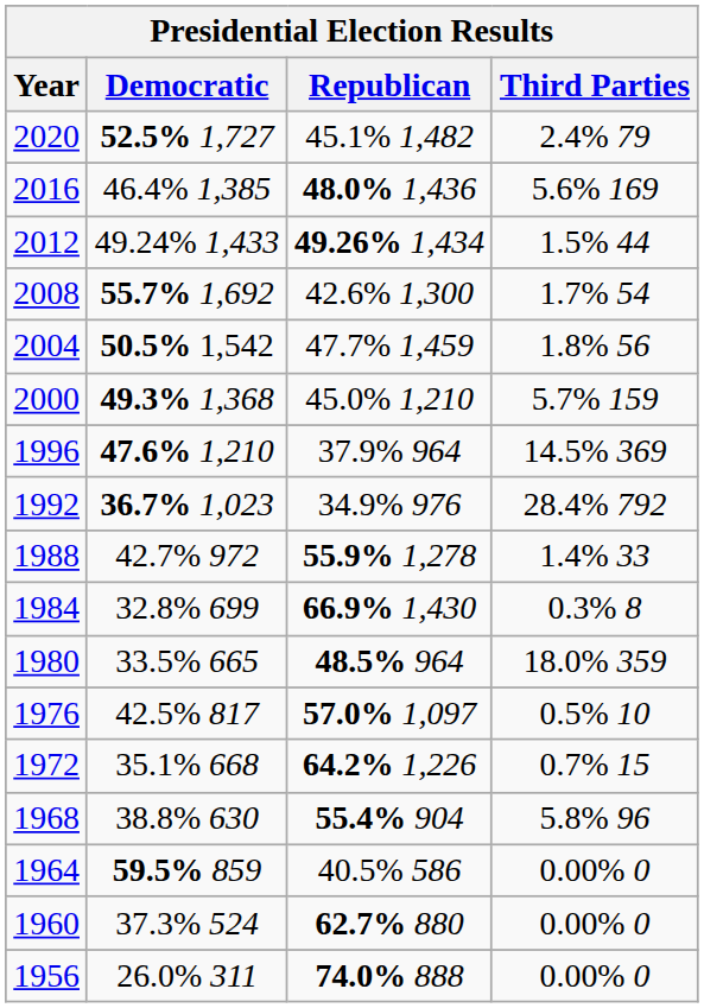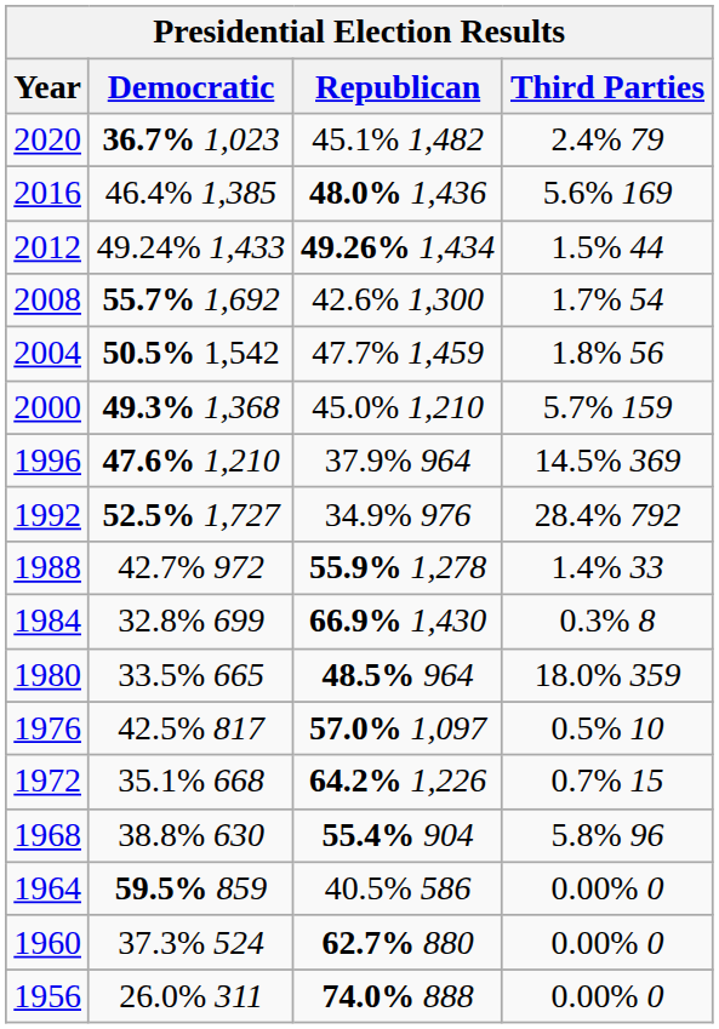 <table class="wikitable">
 <tr>
 <th colspan="4">Presidential Election Results</th>
 </tr>
 <tr>
 <th>Year</th>
 <th><a href='#'>Democratic</a></th>
 <th><a href='#'>Republican</a></th>
 <th><a href='#'>Third Parties</a></th>
 </tr>
 <tr>
 <td align="center" ><a href='#'>2020</a></td>
-<td align="center" ><strong>52.5%</strong> <em>1,727</em></td>
+<td align="center" ><strong>36.7%</strong> <em>1,023</em></td>
 <td align="center" >45.1% <em>1,482</em></td>
 <td align="center" >2.4% <em>79</em></td>
 </tr>
 <tr>
 <td align="center" ><a href='#'>2016</a></td>
 <td align="center" >46.4% <em>1,385</em></td>
 <td align="center" ><strong>48.0%</strong> <em>1,436</em></td>
 <td align="center" >5.6% <em>169</em></td>
 </tr>
 <tr>
 <td align="center" ><a href='#'>2012</a></td>
 <td align="center" >49.24% <em>1,433</em></td>
 <td align="center" ><strong>49.26%</strong> <em>1,434</em></td>
 <td align="center" >1.5% <em>44</em></td>
 </tr>
 <tr>
 <td align="center" ><a href='#'>2008</a></td>
 <td align="center" ><strong>55.7%</strong> <em>1,692</em></td>
 <td align="center" >42.6% <em>1,300</em></td>
 <td align="center" >1.7% <em>54</em></td>
 </tr>
 <tr>
 <td align="center" ><a href='#'>2004</a></td>
 <td align="center" ><strong>50.5%</strong> 1,542</td>
 <td align="center" >47.7% <em>1,459</em></td>
 <td align="center" >1.8% <em>56</em></td>
 </tr>
 <tr>
 <td align="center" ><a href='#'>2000</a></td>
 <td align="center" ><strong>49.3%</strong> <em>1,368</em></td>
 <td align="center" >45.0% <em>1,210</em></td>
 <td align="center" >5.7% <em>159</em></td>
 </tr>
 <tr>
 <td align="center" ><a href='#'>1996</a></td>
 <td align="center" ><strong>47.6%</strong> <em>1,210</em></td>
 <td align="center" >37.9% <em>964</em></td>
 <td align="center" >14.5% <em>369</em></td>
 </tr>
 <tr>
 <td align="center" ><a href='#'>1992</a></td>
-<td align="center" ><strong>36.7%</strong> <em>1,023</em></td>
+<td align="center" ><strong>52.5%</strong> <em>1,727</em></td>
 <td align="center" >34.9% <em>976</em></td>
 <td align="center" >28.4% <em>792</em></td>
 </tr>
 <tr>
 <td align="center" ><a href='#'>1988</a></td>
 <td align="center" >42.7% <em>972</em></td>
 <td align="center" ><strong>55.9%</strong> <em>1,278</em></td>
 <td align="center" >1.4% <em>33</em></td>
 </tr>
 <tr>
 <td align="center" ><a href='#'>1984</a></td>
 <td align="center" >32.8% <em>699</em></td>
 <td align="center" ><strong>66.9%</strong> <em>1,430</em></td>
 <td align="center" >0.3% <em>8</em></td>
 </tr>
 <tr>
 <td align="center" ><a href='#'>1980</a></td>
 <td align="center" >33.5% <em>665</em></td>
 <td align="center" ><strong>48.5%</strong> <em>964</em></td>
 <td align="center" >18.0% <em>359</em></td>
 </tr>
 <tr>
 <td align="center" ><a href='#'>1976</a></td>
 <td align="center" >42.5% <em>817</em></td>
 <td align="center" ><strong>57.0%</strong> <em>1,097</em></td>
 <td align="center" >0.5% <em>10</em></td>
 </tr>
 <tr>
 <td align="center" ><a href='#'>1972</a></td>
 <td align="center" >35.1% <em>668</em></td>
 <td align="center" ><strong>64.2%</strong> <em>1,226</em></td>
 <td align="center" >0.7% <em>15</em></td>
 </tr>
 <tr>
 <td align="center" ><a href='#'>1968</a></td>
 <td align="center" >38.8% <em>630</em></td>
 <td align="center" ><strong>55.4%</strong> <em>904</em></td>
 <td align="center" >5.8% <em>96</em></td>
 </tr>
 <tr>
 <td align="center" ><a href='#'>1964</a></td>
 <td align="center" ><strong>59.5%</strong> <em>859</em></td>
 <td align="center" >40.5% <em>586</em></td>
 <td align="center" >0.00% <em>0</em></td>
 </tr>
 <tr>
 <td align="center" ><a href='#'>1960</a></td>
 <td align="center" >37.3% <em>524</em></td>
 <td align="center" ><strong>62.7%</strong> <em>880</em></td>
 <td align="center" >0.00% <em>0</em></td>
 </tr>
 <tr>
 <td align="center" ><a href='#'>1956</a></td>
 <td align="center" >26.0% <em>311</em></td>
 <td align="center" ><strong>74.0%</strong> <em>888</em></td>
 <td align="center" >0.00% <em>0</em></td>
 </tr>
 </table>
